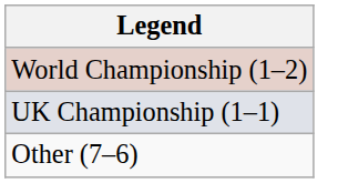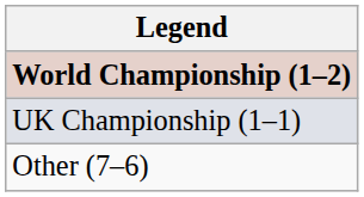 <table class="wikitable">
 <tr>
 <th>Legend</th>
 </tr>
 <tr bgcolor="#e5d1cb">
-<td>World Championship (1–2)</td>
+<td><strong>World Championship (1–2)</strong></td>
 </tr>
 <tr bgcolor="dfe2e9">
 <td>UK Championship (1–1)</td>
 </tr>
 <tr bgcolor=>
 <td>Other (7–6)</td>
 </tr>
 </table>
